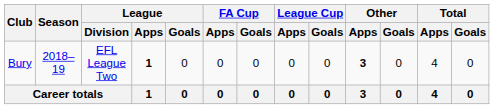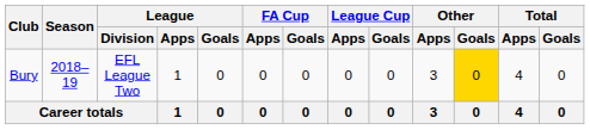 <table class="wikitable" style="text-align: center">
 <tr>
 <th rowspan="2">Club</th>
 <th rowspan="2">Season</th>
 <th colspan="3">League</th>
 <th colspan="2"><a href='#'>FA Cup</a></th>
 <th colspan="2"><a href='#'>League Cup</a></th>
 <th colspan="2">Other</th>
 <th colspan="2">Total</th>
 </tr>
 <tr>
 <th>Division</th>
 <th>Apps</th>
 <th>Goals</th>
 <th>Apps</th>
 <th>Goals</th>
 <th>Apps</th>
 <th>Goals</th>
 <th>Apps</th>
 <th>Goals</th>
 <th>Apps</th>
 <th>Goals</th>
 </tr>
 <tr>
 <td><a href='#'>Bury</a></td>
 <td><a href='#'>2018–19</a></td>
 <td><a href='#'>EFL League Two</a></td>
-<td><strong>1</strong></td>
+<td>1</td>
 <td>0</td>
 <td>0</td>
 <td>0</td>
 <td>0</td>
 <td>0</td>
-<td><strong>3</strong></td>
-<td>0</td>
+<td>3</td>
+<td style="background: gold;">0</td>
 <td>4</td>
 <td>0</td>
 </tr>
 <tr>
 <th colspan="3">Career totals</th>
 <th>1</th>
 <th>0</th>
 <th>0</th>
 <th>0</th>
 <th>0</th>
 <th>0</th>
 <th>3</th>
 <th>0</th>
 <th>4</th>
 <th>0</th>
 </tr>
 </table>
